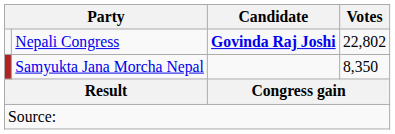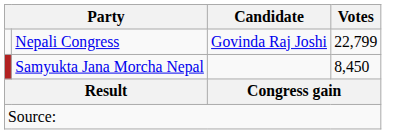 <table class="wikitable">
 <tr>
 <th colspan="2">Party</th>
 <th>Candidate</th>
 <th>Votes</th>
 </tr>
 <tr>
 <td style="background-color:"></td>
 <td><a href='#'>Nepali Congress</a></td>
-<td><strong><a href='#'>Govinda Raj Joshi</a></strong></td>
-<td>22,802</td>
+<td><a href='#'>Govinda Raj Joshi</a></td>
+<td>22,799</td>
 </tr>
 <tr>
 <td style="background-color:firebrick"></td>
 <td><a href='#'>Samyukta Jana Morcha Nepal</a></td>
 <td></td>
-<td>8,350</td>
+<td>8,450</td>
 </tr>
 <tr>
 <th colspan="2">Result</th>
 <th colspan="2">Congress gain</th>
 </tr>
 <tr>
 <td colspan="4">Source: </td>
 </tr>
 </table>
